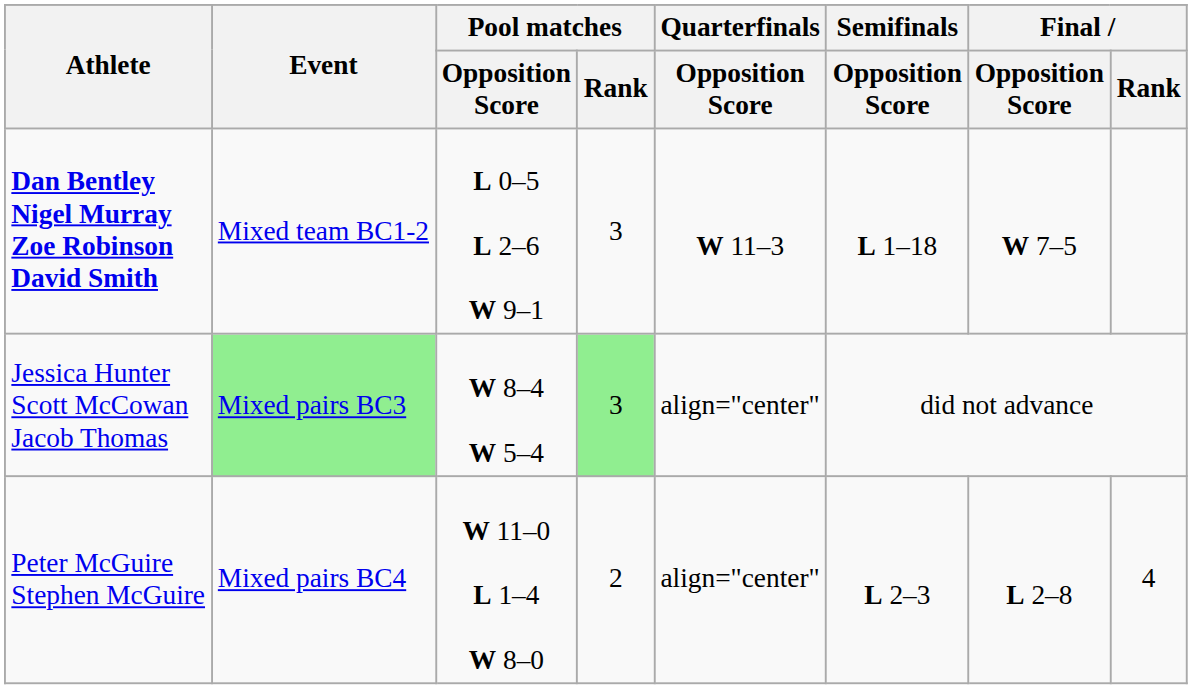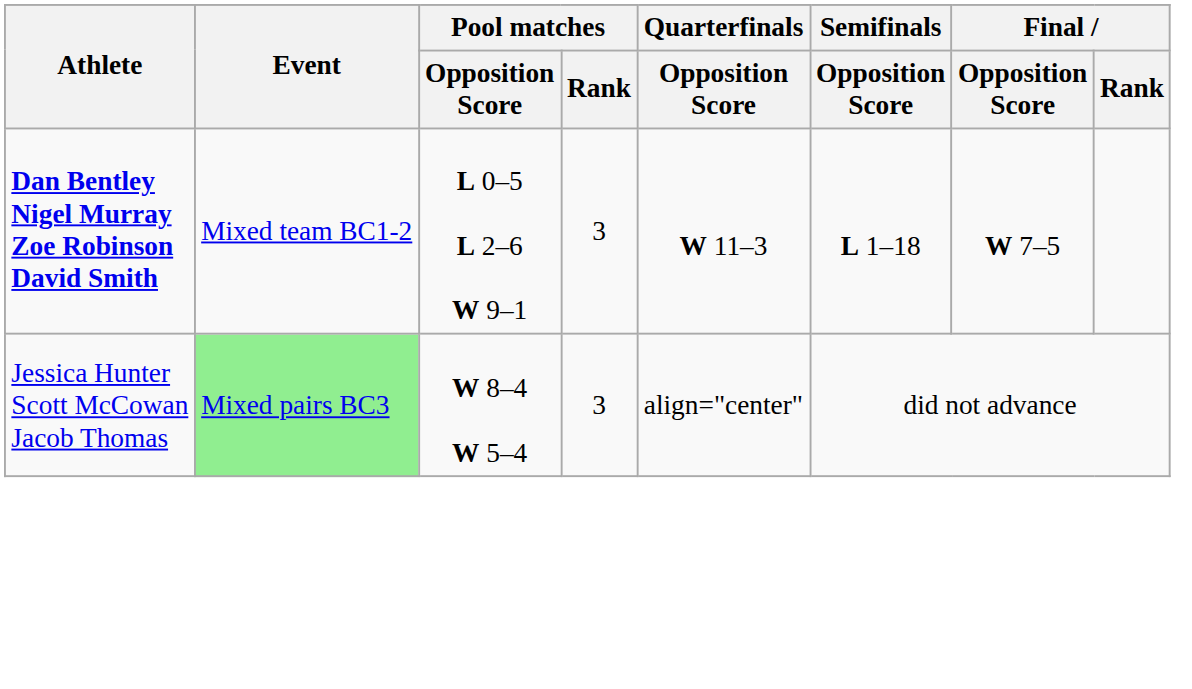 <table class=wikitable style="font-size:90%">
 <tr>
 <th rowspan="2">Athlete</th>
 <th rowspan="2">Event</th>
 <th colspan="2">Pool matches</th>
 <th>Quarterfinals</th>
 <th>Semifinals</th>
 <th colspan=2>Final / </th>
 </tr>
 <tr>
 <th>Opposition<br>Score</th>
 <th>Rank</th>
 <th>Opposition<br>Score</th>
 <th>Opposition<br>Score</th>
 <th>Opposition<br>Score</th>
 <th>Rank</th>
 </tr>
 <tr>
 <td><strong><a href='#'>Dan Bentley</a><br><a href='#'>Nigel Murray</a><br><a href='#'>Zoe Robinson</a><br><a href='#'>David Smith</a></strong></td>
 <td><a href='#'>Mixed team BC1-2</a></td>
 <td align="center"><br><strong>L</strong> 0–5<br><br><strong>L</strong> 2–6<br><br><strong>W</strong> 9–1</td>
 <td align="center">3</td>
 <td align="center"><br><strong>W</strong> 11–3</td>
 <td align="center"><br><strong>L</strong> 1–18</td>
 <td align="center"><br><strong>W</strong> 7–5</td>
 <td align="center"></td>
 </tr>
 <tr>
 <td><a href='#'>Jessica Hunter</a><br><a href='#'>Scott McCowan</a><br><a href='#'>Jacob Thomas</a></td>
 <td style="background: lightgreen;"><a href='#'>Mixed pairs BC3</a></td>
 <td align="center"><br><strong>W</strong> 8–4<br><br><strong>W</strong> 5–4</td>
-<td align="center" style="background: lightgreen;">3</td>
+<td align="center">3</td>
 <td>align="center" </td>
 <td align="center" colspan=3>did not advance</td>
 </tr>
-<tr>
-<td><a href='#'>Peter McGuire</a><br><a href='#'>Stephen McGuire</a></td>
-<td><a href='#'>Mixed pairs BC4</a></td>
-<td align="center"><br><strong>W</strong> 11–0<br><br><strong>L</strong> 1–4<br><br><strong>W</strong> 8–0</td>
-<td align="center">2</td>
-<td>align="center" </td>
-<td align="center"><br><strong>L</strong> 2–3</td>
-<td align="center"><br><strong>L</strong> 2–8</td>
-<td align="center">4</td>
-</tr>
 </table>
